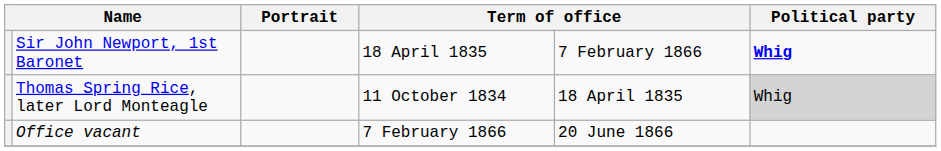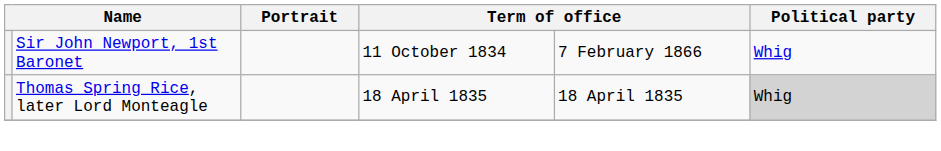 <table class="wikitable" style="width:60%;">
 <tr>
 <th colspan="2" style="width:25%;">Name</th>
 <th width=75>Portrait</th>
 <th colspan="2" style="width:42%;">Term of office</th>
 <th style="width:20%;">Political party</th>
 </tr>
 <tr>
 <th style="background-color: "></th>
 <td><a href='#'>Sir John Newport, 1st Baronet</a></td>
 <td></td>
-<td>18 April 1835</td>
+<td>11 October 1834</td>
 <td>7 February 1866</td>
-<td><strong><a href='#'>Whig</a></strong></td>
+<td><a href='#'>Whig</a></td>
 </tr>
 <tr>
 <th style="background-color: "></th>
 <td><a href='#'>Thomas Spring Rice</a>, later Lord Monteagle</td>
 <td></td>
-<td>11 October 1834</td>
+<td>18 April 1835</td>
 <td>18 April 1835</td>
 <td style="background: lightgrey;">Whig</td>
 </tr>
 <tr>
-<th style=></th>
-<td><em>Office vacant</em></td>
-<td></td>
-<td>7 February 1866</td>
-<td>20 June 1866</td>
-<td></td>
-</tr>
-<tr>
 </tr>
 </table>
